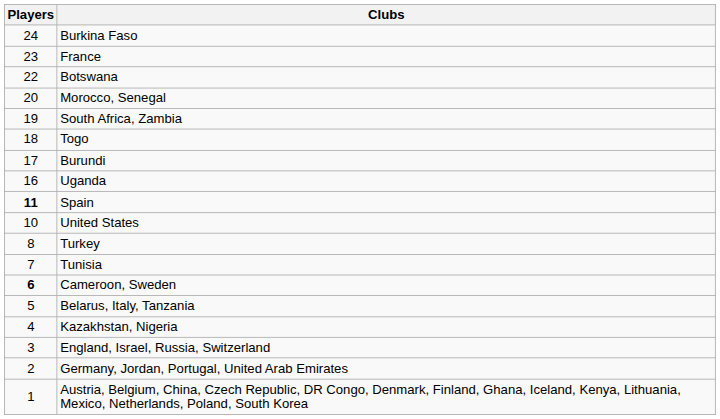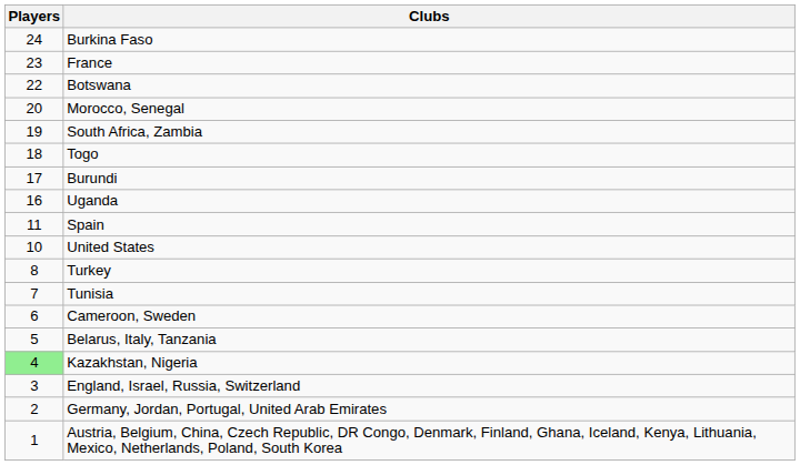 <table class="wikitable">
 <tr>
 <th>Players</th>
 <th>Clubs</th>
 </tr>
 <tr>
 <td align="center">24</td>
 <td> Burkina Faso</td>
 </tr>
 <tr>
 <td align="center">23</td>
 <td> France</td>
 </tr>
 <tr>
 <td align="center">22</td>
 <td> Botswana</td>
 </tr>
 <tr>
 <td align="center">20</td>
 <td> Morocco,  Senegal</td>
 </tr>
 <tr>
 <td align="center">19</td>
 <td> South Africa,  Zambia</td>
 </tr>
 <tr>
 <td align="center">18</td>
 <td> Togo</td>
 </tr>
 <tr>
 <td align="center">17</td>
 <td> Burundi</td>
 </tr>
 <tr>
 <td align="center">16</td>
 <td> Uganda</td>
 </tr>
 <tr>
-<td align="center"><strong>11</strong></td>
+<td align="center">11</td>
 <td> Spain</td>
 </tr>
 <tr>
 <td align="center">10</td>
 <td> United States</td>
 </tr>
 <tr>
 <td align="center">8</td>
 <td> Turkey</td>
 </tr>
 <tr>
 <td align="center">7</td>
 <td> Tunisia</td>
 </tr>
 <tr>
-<td align="center"><strong>6</strong></td>
+<td align="center">6</td>
 <td> Cameroon,  Sweden</td>
 </tr>
 <tr>
 <td align="center">5</td>
 <td> Belarus,  Italy,  Tanzania</td>
 </tr>
 <tr>
-<td align="center">4</td>
+<td align="center" style="background: lightgreen;">4</td>
 <td> Kazakhstan,  Nigeria</td>
 </tr>
 <tr>
 <td align="center">3</td>
 <td> England,  Israel,  Russia,  Switzerland</td>
 </tr>
 <tr>
 <td align="center">2</td>
 <td> Germany,  Jordan,  Portugal,  United Arab Emirates</td>
 </tr>
 <tr>
 <td align="center">1</td>
 <td> Austria,  Belgium,  China,  Czech Republic,  DR Congo,  Denmark,  Finland,  Ghana,  Iceland,  Kenya,  Lithuania,  Mexico,  Netherlands,  Poland,  South Korea</td>
 </tr>
 </table>
